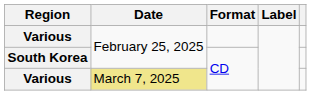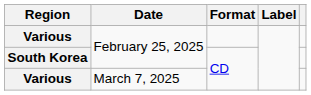 <table class="wikitable plainrowheaders">
 <tr>
 <th scope="col">Region</th>
 <th scope="col">Date</th>
 <th scope="col">Format</th>
 <th scope="col">Label</th>
 <th scope="col"></th>
 </tr>
 <tr>
 <th scope="row">Various</th>
 <td rowspan="2">February 25, 2025</td>
 <td></td>
 <td rowspan="3"></td>
 <td style="text-align:center"></td>
 </tr>
 <tr>
 <th scope="row">South Korea</th>
 <td rowspan="2"><a href='#'>CD</a></td>
 <td style="text-align:center"></td>
 </tr>
 <tr>
 <th scope="row">Various</th>
-<td style="background: khaki;">March 7, 2025</td>
+<td>March 7, 2025</td>
 <td style="text-align:center"></td>
 </tr>
 </table>
